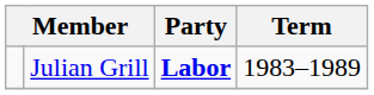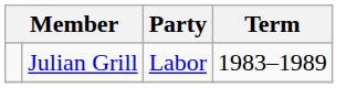 <table class="wikitable">
 <tr>
 <th colspan="2">Member</th>
 <th>Party</th>
 <th>Term</th>
 </tr>
 <tr>
 <td> </td>
 <td><a href='#'>Julian Grill</a></td>
-<td><strong><a href='#'>Labor</a></strong></td>
+<td><a href='#'>Labor</a></td>
 <td>1983–1989</td>
 </tr>
 <tr>
 </tr>
 </table>
